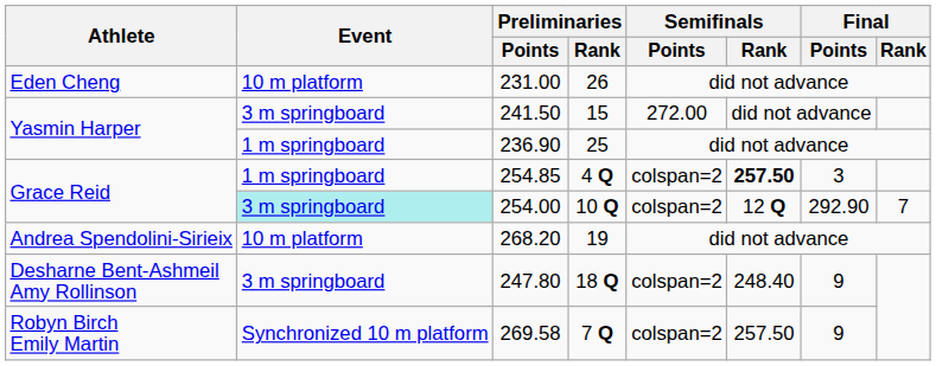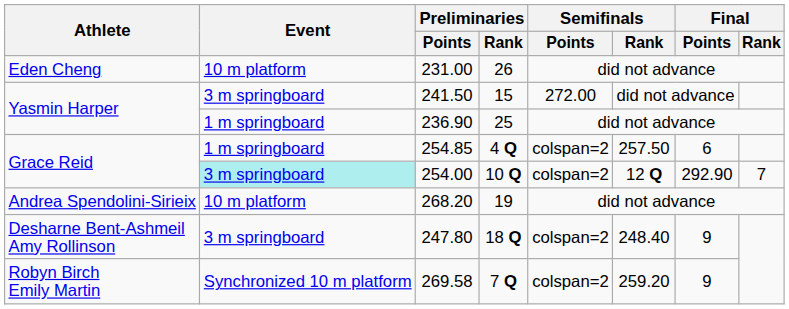 <table class="wikitable" style="text-align:center; font-size:90%">
 <tr>
 <th rowspan="2">Athlete</th>
 <th rowspan="2">Event</th>
 <th colspan="2">Preliminaries</th>
 <th colspan="2">Semifinals</th>
 <th colspan="2">Final</th>
 </tr>
 <tr style="font-size:95%">
 <th>Points</th>
 <th>Rank</th>
 <th>Points</th>
 <th>Rank</th>
 <th>Points</th>
 <th>Rank</th>
 </tr>
 <tr>
 <td align=left><a href='#'>Eden Cheng</a></td>
 <td align=left><a href='#'>10 m platform</a></td>
 <td>231.00</td>
 <td>26</td>
 <td colspan=4>did not advance</td>
 </tr>
 <tr>
 <td align=left rowspan=2><a href='#'>Yasmin Harper</a></td>
 <td align=left><a href='#'>3 m springboard</a></td>
 <td>241.50</td>
 <td>15</td>
 <td>272.00</td>
 <td colspan=2>did not advance</td>
 </tr>
 <tr>
 <td align=left><a href='#'>1 m springboard</a></td>
 <td>236.90</td>
 <td>25</td>
 <td colspan=4>did not advance</td>
 </tr>
 <tr>
 <td align=left rowspan=2><a href='#'>Grace Reid</a></td>
 <td align=left><a href='#'>1 m springboard</a></td>
 <td>254.85</td>
 <td>4 <strong>Q</strong></td>
 <td>colspan=2</td>
-<td><strong>257.50</strong></td>
-<td>3</td>
+<td>257.50</td>
+<td>6</td>
 </tr>
 <tr>
 <td align=left style="background: paleturquoise;"><a href='#'>3 m springboard</a></td>
 <td>254.00</td>
 <td>10 <strong>Q</strong></td>
 <td>colspan=2</td>
 <td>12 <strong>Q</strong></td>
 <td>292.90</td>
 <td>7</td>
 </tr>
 <tr>
 <td align=left><a href='#'>Andrea Spendolini-Sirieix</a></td>
 <td align=left><a href='#'>10 m platform</a></td>
 <td>268.20</td>
 <td>19</td>
 <td colspan=4>did not advance</td>
 </tr>
 <tr>
 <td align=left><a href='#'>Desharne Bent-Ashmeil</a> <br><a href='#'>Amy Rollinson</a></td>
 <td align=left><a href='#'>3 m springboard</a></td>
 <td>247.80</td>
 <td>18 <strong>Q</strong></td>
 <td>colspan=2 </td>
 <td>248.40</td>
 <td>9</td>
 </tr>
 <tr>
 <td align=left><a href='#'>Robyn Birch</a> <br><a href='#'>Emily Martin</a></td>
 <td align=left><a href='#'>Synchronized 10 m platform</a></td>
 <td>269.58</td>
 <td>7 <strong>Q</strong></td>
 <td>colspan=2 </td>
-<td>257.50</td>
+<td>259.20</td>
 <td>9</td>
 </tr>
 </table>
